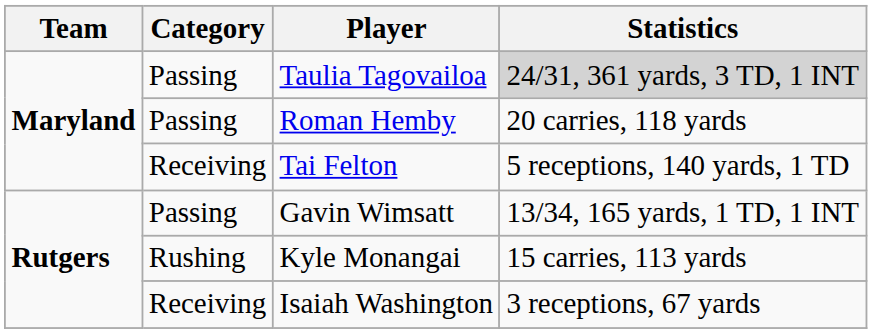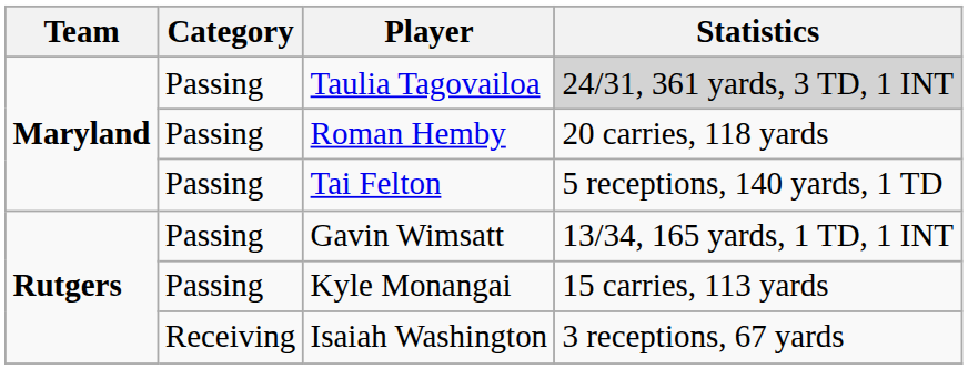 <table class="wikitable" style="float: left;">
 <tr>
 <th>Team</th>
 <th>Category</th>
 <th>Player</th>
 <th>Statistics</th>
 </tr>
 <tr>
 <td rowspan=3><strong>Maryland</strong></td>
 <td>Passing</td>
 <td><a href='#'>Taulia Tagovailoa</a></td>
 <td style="background: lightgrey;">24/31, 361 yards, 3 TD, 1 INT</td>
 </tr>
 <tr>
 <td>Passing</td>
 <td><a href='#'>Roman Hemby</a></td>
 <td>20 carries, 118 yards</td>
 </tr>
 <tr>
-<td>Receiving</td>
+<td>Passing</td>
 <td><a href='#'>Tai Felton</a></td>
 <td>5 receptions, 140 yards, 1 TD</td>
 </tr>
 <tr>
 <td rowspan=3><strong>Rutgers</strong></td>
 <td>Passing</td>
 <td>Gavin Wimsatt</td>
 <td>13/34, 165 yards, 1 TD, 1 INT</td>
 </tr>
 <tr>
-<td>Rushing</td>
+<td>Passing</td>
 <td>Kyle Monangai</td>
 <td>15 carries, 113 yards</td>
 </tr>
 <tr>
 <td>Receiving</td>
 <td>Isaiah Washington</td>
 <td>3 receptions, 67 yards</td>
 </tr>
 </table>
